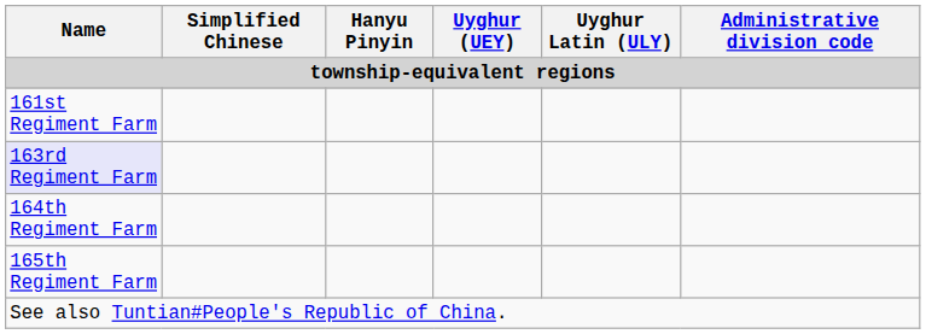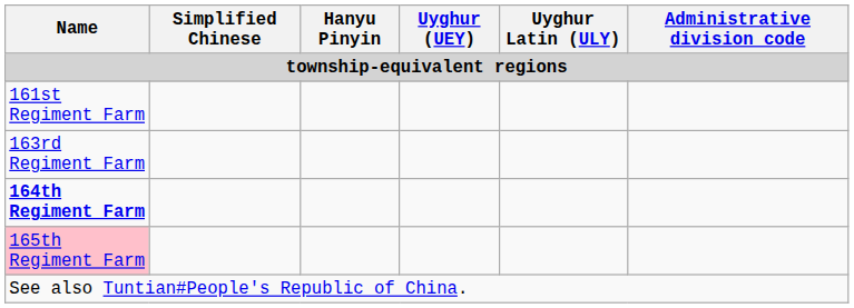 <table class="wikitable" align="center" style="width:50%; border="1">
 <tr>
 <th>Name</th>
 <th>Simplified Chinese</th>
 <th>Hanyu Pinyin</th>
 <th><a href='#'>Uyghur</a> (<a href='#'>UEY</a>)</th>
 <th>Uyghur Latin (<a href='#'>ULY</a>)</th>
 <th><a href='#'>Administrative division code</a></th>
 </tr>
 <tr --------->
 <td colspan="7"  style="text-align:center; background:#d3d3d3;"><strong>township-equivalent regions</strong></td>
 </tr>
 <tr --------->
 <td><a href='#'>161st Regiment Farm</a></td>
 <td></td>
 <td></td>
 <td></td>
 <td></td>
 <td></td>
 </tr>
 <tr>
-<td style="background: lavender;"><a href='#'>163rd Regiment Farm</a></td>
+<td><a href='#'>163rd Regiment Farm</a></td>
 <td></td>
 <td></td>
 <td></td>
 <td></td>
 <td></td>
 </tr>
 <tr>
-<td><a href='#'>164th Regiment Farm</a></td>
+<td><strong><a href='#'>164th Regiment Farm</a></strong></td>
 <td></td>
 <td></td>
 <td></td>
 <td></td>
 <td></td>
 </tr>
 <tr>
-<td><a href='#'>165th Regiment Farm</a></td>
+<td style="background: pink;"><a href='#'>165th Regiment Farm</a></td>
 <td></td>
 <td></td>
 <td></td>
 <td></td>
 <td></td>
 </tr>
 <tr --------->
 <td colspan="7"><div> See also <a href='#'>Tuntian#People's Republic of China</a>.<br></div></td>
 </tr>
 </table>
